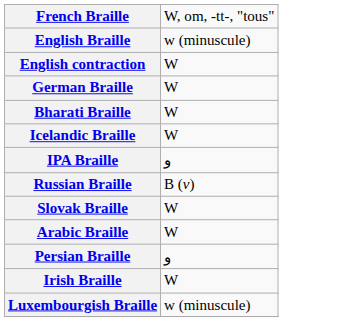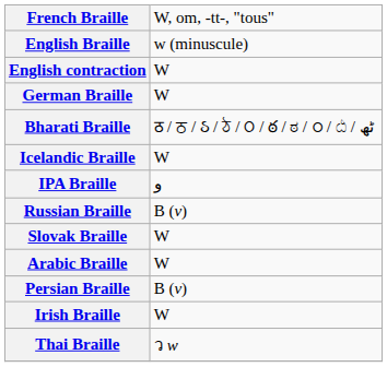 <table class="wikitable">
 <tr>
 <th align=left><a href='#'>French Braille</a></th>
 <td>W, om, -tt-, "tous"</td>
 </tr>
 <tr>
 <th align=left><a href='#'>English Braille</a></th>
 <td>w (minuscule)</td>
 </tr>
 <tr>
 <th align=left><a href='#'>English contraction</a></th>
 <td>W</td>
 </tr>
 <tr>
 <th align=left><a href='#'>German Braille</a></th>
 <td>W</td>
 </tr>
 <tr>
 <th align=left><a href='#'>Bharati Braille</a></th>
-<td>W</td>
+<td>ठ / ਠ / ઠ / ঠ / ଠ / ఠ / ಠ / ഠ / ඨ / ٹھ ‎</td>
 </tr>
 <tr>
 <th align=left><a href='#'>Icelandic Braille</a></th>
 <td>W</td>
 </tr>
 <tr>
 <th align=left><a href='#'>IPA Braille</a></th>
 <td>و</td>
 </tr>
 <tr>
 <th align=left><a href='#'>Russian Braille</a></th>
 <td>В (<em>v</em>)</td>
 </tr>
 <tr>
 <th align=left><a href='#'>Slovak Braille</a></th>
 <td>W</td>
 </tr>
 <tr>
 <th align=left><a href='#'>Arabic Braille</a></th>
 <td>W</td>
 </tr>
 <tr>
 <th align=left><a href='#'>Persian Braille</a></th>
-<td>و</td>
+<td>В (<em>v</em>)</td>
 </tr>
 <tr>
 <th align=left><a href='#'>Irish Braille</a></th>
 <td>W</td>
 </tr>
 <tr>
-<th align=left><a href='#'>Luxembourgish Braille</a></th>
-<td>w (minuscule)</td>
+<th align=left><a href='#'>Thai Braille</a></th>
+<td>ว <em>w</em></td>
 </tr>
 <tr>
 </tr>
 </table>
